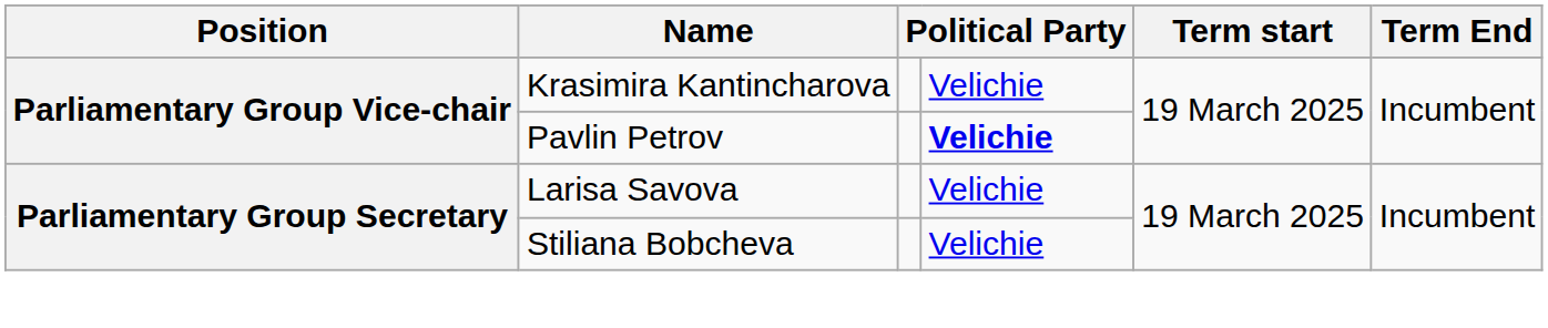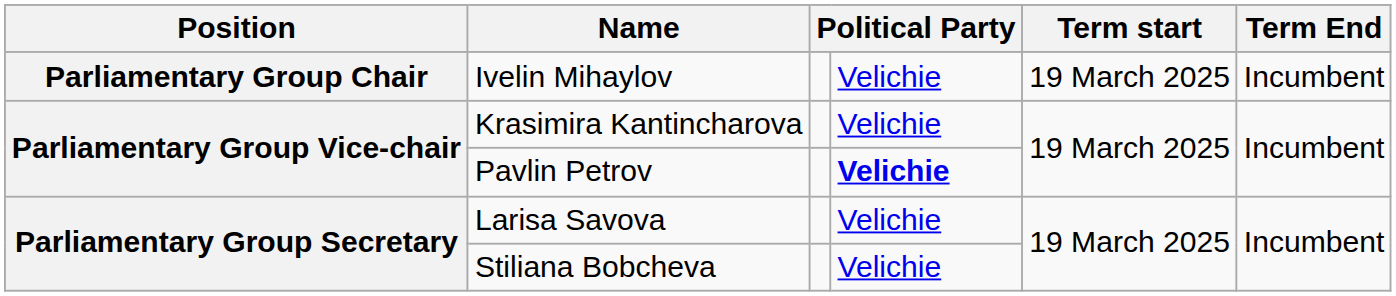 <table class="wikitable plainrowheaders">
 <tr>
 <th>Position</th>
 <th>Name</th>
 <th colspan="2">Political Party</th>
 <th>Term start</th>
 <th>Term End</th>
+</tr>
+<tr>
+<th>Parliamentary Group Chair</th>
+<td>Ivelin Mihaylov</td>
+<td style="background:"></td>
+<td><a href='#'>Velichie</a></td>
+<td>19 March 2025</td>
+<td>Incumbent</td>
 </tr>
 <tr>
 <th rowspan ="2">Parliamentary Group Vice-chair</th>
 <td>Krasimira Kantincharova</td>
 <td style="background:"></td>
 <td><a href='#'>Velichie</a></td>
 <td rowspan ="2">19 March 2025</td>
 <td rowspan ="2">Incumbent</td>
 </tr>
 <tr>
 <td>Pavlin Petrov</td>
 <td style="background:"></td>
 <td><strong><a href='#'>Velichie</a></strong></td>
 </tr>
 <tr>
 <th rowspan ="2">Parliamentary Group Secretary</th>
 <td>Larisa Savova</td>
 <td style="background:"></td>
 <td><a href='#'>Velichie</a></td>
 <td rowspan ="2">19 March 2025</td>
 <td rowspan ="2">Incumbent</td>
 </tr>
 <tr>
 <td>Stiliana Bobcheva</td>
 <td style="background:"></td>
 <td><a href='#'>Velichie</a></td>
 </tr>
 </table>
